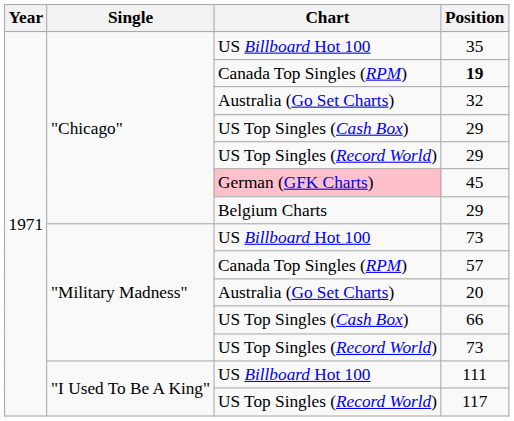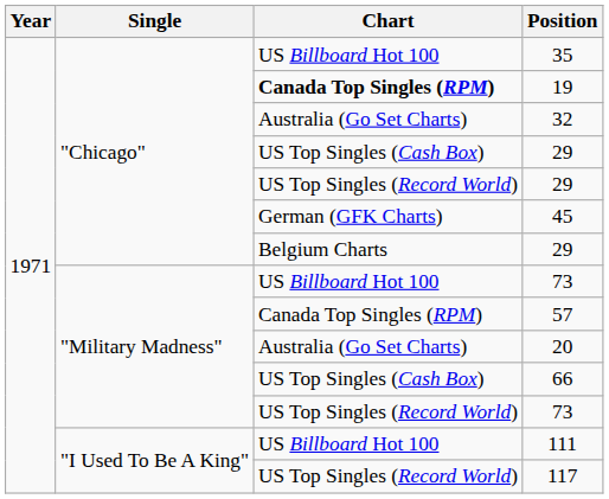 <table class="wikitable">
 <tr>
 <th>Year</th>
 <th>Single</th>
 <th>Chart</th>
 <th>Position</th>
 </tr>
 <tr>
 <td rowspan="14">1971</td>
 <td rowspan="7">"Chicago"</td>
 <td>US <a href='#'><em>Billboard</em> Hot 100</a></td>
 <td align=center>35</td>
 </tr>
 <tr>
-<td>Canada Top Singles (<em><a href='#'>RPM</a></em>)</td>
-<td align=center><strong>19</strong></td>
+<td><strong>Canada Top Singles (<em><a href='#'>RPM</a></em>)</strong></td>
+<td align=center>19</td>
 </tr>
 <tr>
 <td>Australia (<a href='#'>Go Set Charts</a>)</td>
 <td align=center>32</td>
 </tr>
 <tr>
 <td>US Top Singles (<em><a href='#'>Cash Box</a></em>)</td>
 <td align=center>29</td>
 </tr>
 <tr>
 <td>US Top Singles (<em><a href='#'>Record World</a></em>)</td>
 <td align=center>29</td>
 </tr>
 <tr>
-<td style="background: pink;">German (<a href='#'>GFK Charts</a>)</td>
+<td>German (<a href='#'>GFK Charts</a>)</td>
 <td align="center">45</td>
 </tr>
 <tr>
 <td>Belgium Charts</td>
 <td align="center">29</td>
 </tr>
 <tr>
 <td rowspan="5">"Military Madness"</td>
 <td>US <a href='#'><em>Billboard</em> Hot 100</a></td>
 <td align="center">73</td>
 </tr>
 <tr>
 <td>Canada Top Singles (<em><a href='#'>RPM</a></em>)</td>
 <td align="center">57</td>
 </tr>
 <tr>
 <td>Australia (<a href='#'>Go Set Charts</a>)</td>
 <td align="center">20</td>
 </tr>
 <tr>
 <td>US Top Singles (<em><a href='#'>Cash Box</a></em>)</td>
 <td align="center">66</td>
 </tr>
 <tr>
 <td>US Top Singles (<em><a href='#'>Record World</a></em>)</td>
 <td align="center">73</td>
 </tr>
 <tr>
 <td rowspan="2">"I Used To Be A King"</td>
 <td>US <a href='#'><em>Billboard</em> Hot 100</a></td>
 <td align="center">111</td>
 </tr>
 <tr>
 <td>US Top Singles (<em><a href='#'>Record World</a></em>)</td>
 <td align="center">117</td>
 </tr>
 </table>
